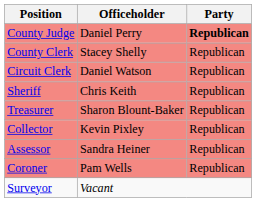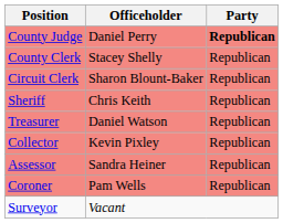 <table class="wikitable mw-collapsible">
 <tr>
 <th>Position</th>
 <th>Officeholder</th>
 <th>Party</th>
 </tr>
 <tr style="background-color:#F48882;">
 <td><a href='#'>County Judge</a></td>
 <td>Daniel Perry</td>
 <td><strong>Republican</strong></td>
 </tr>
 <tr style="background-color:#F48882;">
 <td><a href='#'>County Clerk</a></td>
 <td>Stacey Shelly</td>
 <td>Republican</td>
 </tr>
 <tr style="background-color:#F48882;">
 <td><a href='#'>Circuit Clerk</a></td>
-<td>Daniel Watson</td>
+<td>Sharon Blount-Baker</td>
 <td>Republican</td>
 </tr>
 <tr style="background-color:#F48882;">
 <td><a href='#'>Sheriff</a></td>
 <td>Chris Keith</td>
 <td>Republican</td>
 </tr>
 <tr style="background-color:#F48882;">
 <td><a href='#'>Treasurer</a></td>
-<td>Sharon Blount-Baker</td>
+<td>Daniel Watson</td>
 <td>Republican</td>
 </tr>
 <tr style="background-color:#F48882;">
 <td><a href='#'>Collector</a></td>
 <td>Kevin Pixley</td>
 <td>Republican</td>
 </tr>
 <tr style="background-color:#F48882;">
 <td><a href='#'>Assessor</a></td>
 <td>Sandra Heiner</td>
 <td>Republican</td>
 </tr>
 <tr style="background-color:#F48882;">
 <td><a href='#'>Coroner</a></td>
 <td>Pam Wells</td>
 <td>Republican</td>
 </tr>
 <tr>
 <td><a href='#'>Surveyor</a></td>
 <td colspan="2"><em>Vacant</em></td>
 </tr>
 </table>
